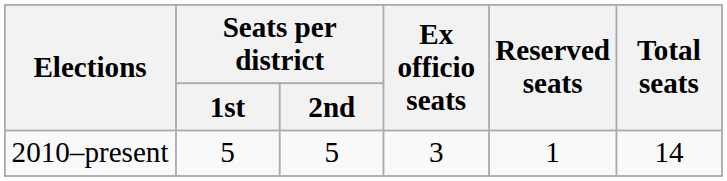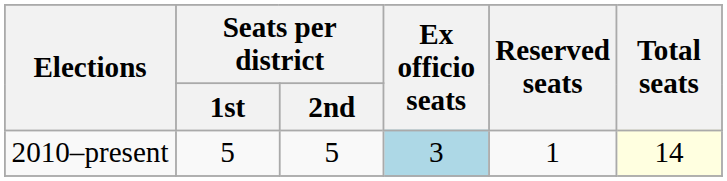 <table class="wikitable">
 <tr>
 <th rowspan="2">Elections</th>
 <th colspan="2">Seats per district</th>
 <th rowspan="2" width="50px">Ex officio seats</th>
 <th rowspan="2" width="50px">Reserved seats</th>
 <th rowspan="2" width="50px">Total seats</th>
 </tr>
 <tr>
 <th width="50px">1st</th>
 <th width="50px">2nd</th>
 </tr>
 <tr align="center">
 <td>2010–present</td>
 <td>5</td>
 <td>5</td>
-<td>3</td>
+<td style="background: lightblue;">3</td>
 <td>1</td>
-<td>14</td>
+<td style="background: lightyellow;">14</td>
 </tr>
 </table>
